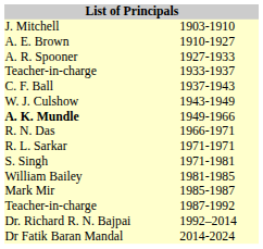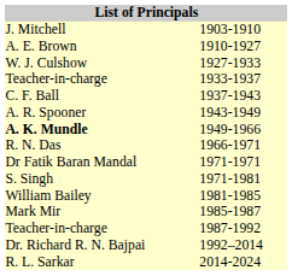 <table class="toccolours" style="float: right; margin-right: 1em; font-size: 85%; background:#ffffcc; color:black; width:20em; max-width: 25%;" cellspacing="0" cellpadding="0">
 <tr>
 <th style="background-color:#cccccc;" colspan=2>List of Principals</th>
 </tr>
 <tr>
 <td style="text-align: left;"></td>
 </tr>
 <tr>
 <td>J. Mitchell</td>
 <td>1903-1910</td>
 </tr>
 <tr>
 <td>A. E. Brown</td>
 <td>1910-1927</td>
 </tr>
 <tr>
-<td>A. R. Spooner</td>
+<td>W. J. Culshow</td>
 <td>1927-1933</td>
 </tr>
 <tr>
 <td>Teacher-in-charge</td>
 <td>1933-1937</td>
 </tr>
 <tr>
 <td>C. F. Ball</td>
 <td>1937-1943</td>
 </tr>
 <tr>
-<td>W. J. Culshow</td>
+<td>A. R. Spooner</td>
 <td>1943-1949</td>
 </tr>
 <tr>
 <td><strong>A. K. Mundle</strong></td>
 <td>1949-1966</td>
 </tr>
 <tr>
 <td>R. N. Das</td>
 <td>1966-1971</td>
 </tr>
 <tr>
-<td>R. L. Sarkar</td>
+<td>Dr Fatik Baran Mandal</td>
 <td>1971-1971</td>
 </tr>
 <tr>
 <td>S. Singh</td>
 <td>1971-1981</td>
 </tr>
 <tr>
 <td>William Bailey</td>
 <td>1981-1985</td>
 </tr>
 <tr>
 <td>Mark Mir</td>
 <td>1985-1987</td>
 </tr>
 <tr>
 <td>Teacher-in-charge</td>
 <td>1987-1992</td>
 </tr>
 <tr>
 <td>Dr. Richard R. N. Bajpai</td>
 <td>1992–2014</td>
 </tr>
 <tr>
-<td>Dr Fatik Baran Mandal</td>
+<td>R. L. Sarkar</td>
 <td>2014-2024</td>
 </tr>
 <tr>
 </tr>
 </table>
